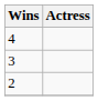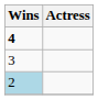 <table class="wikitable">
 <tr>
 <th scope="col">Wins</th>
 <th scope="col">Actress</th>
 </tr>
 <tr>
-<td>4</td>
+<td><strong>4</strong></td>
 <td></td>
 </tr>
 <tr>
 <td>3</td>
 <td></td>
 </tr>
 <tr>
-<td>2</td>
+<td style="background: lightblue;">2</td>
 <td></td>
 </tr>
 <tr>
 </tr>
 </table>
